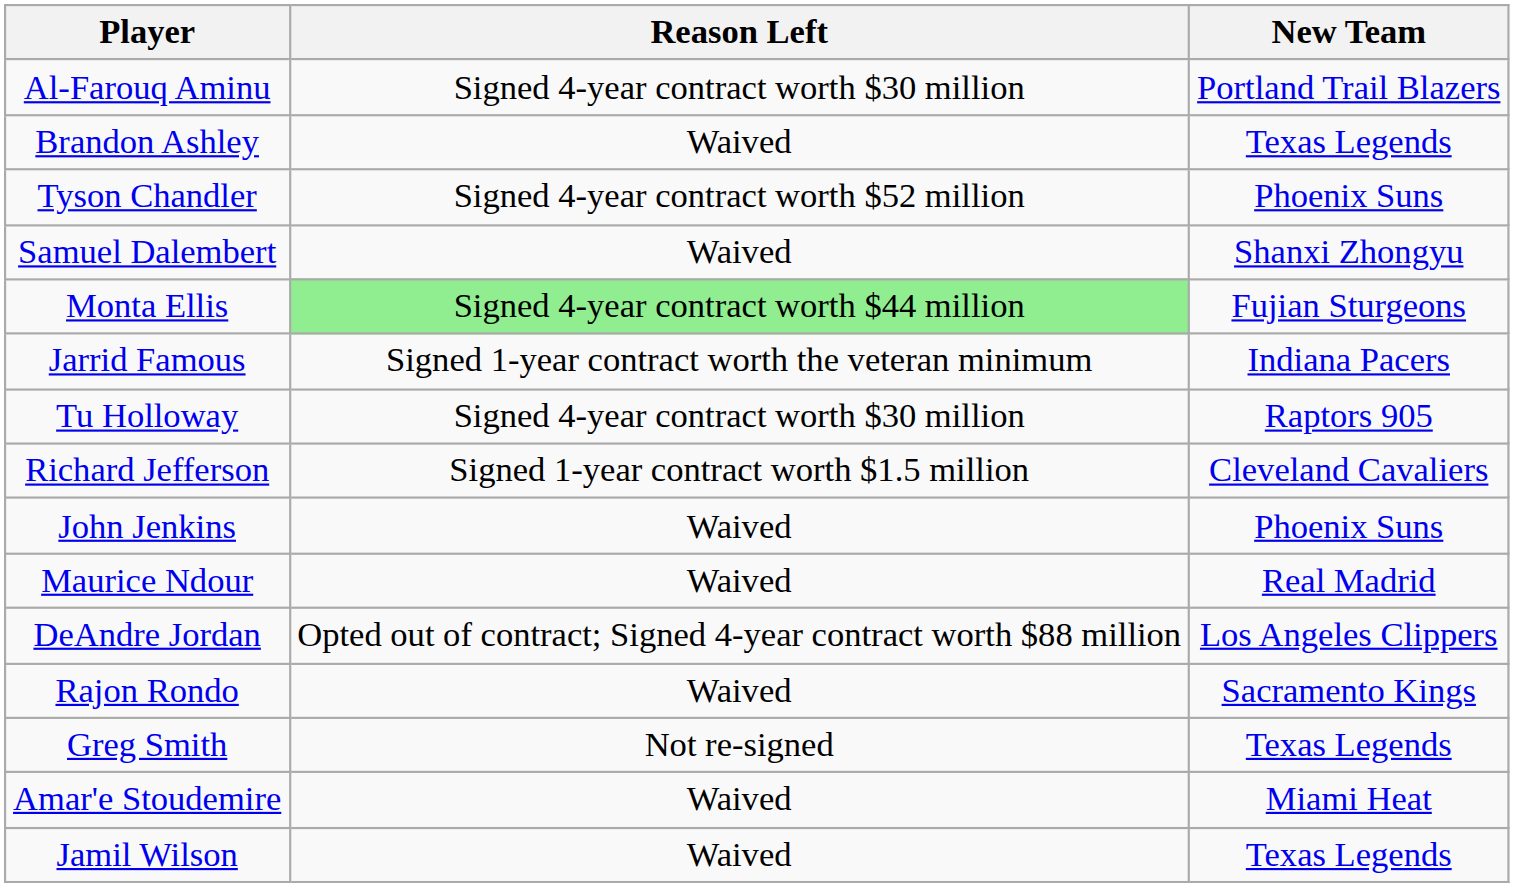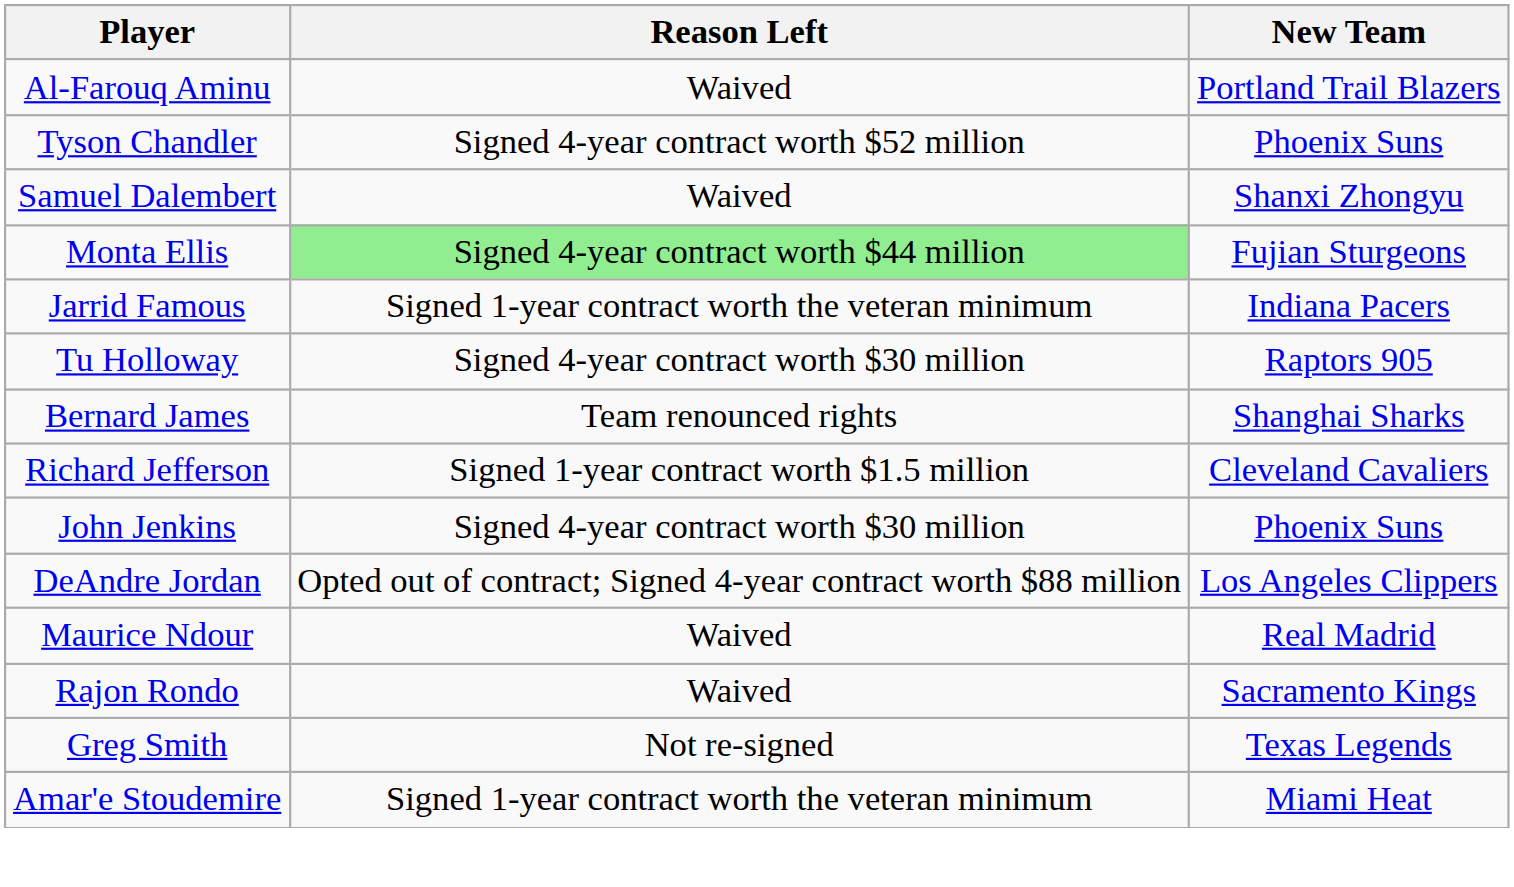 <table class="wikitable sortable sortable">
 <tr>
 <th>Player</th>
 <th>Reason Left</th>
 <th>New Team</th>
 </tr>
 <tr style="text-align: center">
 <td><a href='#'>Al-Farouq Aminu</a></td>
-<td>Signed 4-year contract worth $30 million</td>
+<td>Waived</td>
 <td><a href='#'>Portland Trail Blazers</a></td>
-</tr>
-<tr style="text-align: center">
-<td><a href='#'>Brandon Ashley</a></td>
-<td>Waived</td>
-<td><a href='#'>Texas Legends</a></td>
 </tr>
 <tr style="text-align: center">
 <td><a href='#'>Tyson Chandler</a></td>
 <td>Signed 4-year contract worth $52 million</td>
 <td><a href='#'>Phoenix Suns</a></td>
 </tr>
 <tr style="text-align: center">
 <td><a href='#'>Samuel Dalembert</a></td>
 <td>Waived</td>
 <td><a href='#'>Shanxi Zhongyu</a></td>
 </tr>
 <tr style="text-align: center">
 <td><a href='#'>Monta Ellis</a></td>
 <td style="background: lightgreen;">Signed 4-year contract worth $44 million</td>
 <td><a href='#'>Fujian Sturgeons</a></td>
 </tr>
 <tr style="text-align: center">
 <td><a href='#'>Jarrid Famous</a></td>
 <td>Signed 1-year contract worth the veteran minimum</td>
 <td><a href='#'>Indiana Pacers</a></td>
 </tr>
 <tr style="text-align: center">
 <td><a href='#'>Tu Holloway</a></td>
 <td>Signed 4-year contract worth $30 million</td>
 <td><a href='#'>Raptors 905</a></td>
 </tr>
 <tr style="text-align: center">
+<td><a href='#'>Bernard James</a></td>
+<td>Team renounced rights</td>
+<td><a href='#'>Shanghai Sharks</a></td>
+</tr>
+<tr style="text-align: center">
 <td><a href='#'>Richard Jefferson</a></td>
 <td>Signed 1-year contract worth $1.5 million</td>
 <td><a href='#'>Cleveland Cavaliers</a></td>
 </tr>
 <tr style="text-align: center">
 <td><a href='#'>John Jenkins</a></td>
-<td>Waived</td>
+<td>Signed 4-year contract worth $30 million</td>
 <td><a href='#'>Phoenix Suns</a></td>
+</tr>
+<tr style="text-align: center">
+<td><a href='#'>DeAndre Jordan</a></td>
+<td>Opted out of contract; Signed 4-year contract worth $88 million</td>
+<td><a href='#'>Los Angeles Clippers</a></td>
 </tr>
 <tr style="text-align: center">
 <td><a href='#'>Maurice Ndour</a></td>
 <td>Waived</td>
 <td><a href='#'>Real Madrid</a></td>
-</tr>
-<tr style="text-align: center">
-<td><a href='#'>DeAndre Jordan</a></td>
-<td>Opted out of contract; Signed 4-year contract worth $88 million</td>
-<td><a href='#'>Los Angeles Clippers</a></td>
 </tr>
 <tr style="text-align: center">
 <td><a href='#'>Rajon Rondo</a></td>
 <td>Waived</td>
 <td><a href='#'>Sacramento Kings</a></td>
 </tr>
 <tr style="text-align: center">
 <td><a href='#'>Greg Smith</a></td>
 <td>Not re-signed</td>
 <td><a href='#'>Texas Legends</a></td>
 </tr>
 <tr style="text-align: center">
 <td><a href='#'>Amar'e Stoudemire</a></td>
-<td>Waived</td>
+<td>Signed 1-year contract worth the veteran minimum</td>
 <td><a href='#'>Miami Heat</a></td>
 </tr>
-<tr style="text-align: center">
-<td><a href='#'>Jamil Wilson</a></td>
-<td>Waived</td>
-<td><a href='#'>Texas Legends</a></td>
-</tr>
 </table>
